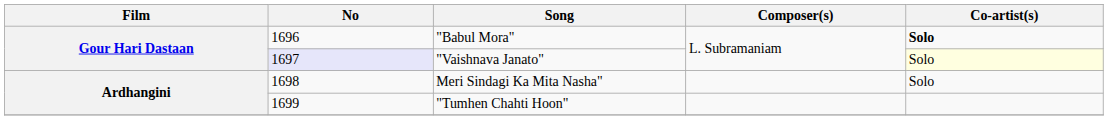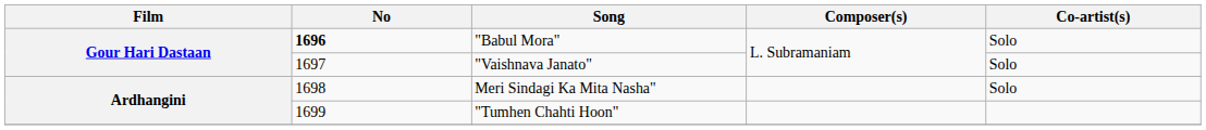 <table class="wikitable plainrowheaders" style="width:100%; textcolor:#000">
 <tr>
 <th scope="col" style="width:24%;">Film</th>
 <th>No</th>
 <th scope="col" style="width:23%;">Song</th>
 <th scope="col" style="width:20%;">Composer(s)</th>
 <th scope="col" style="width:18%;">Co-artist(s)</th>
 </tr>
 <tr>
 <th rowspan=2><a href='#'>Gour Hari Dastaan</a></th>
-<td>1696</td>
+<td><strong>1696</strong></td>
 <td>"Babul Mora"</td>
 <td rowspan=2>L. Subramaniam</td>
-<td><strong>Solo</strong></td>
+<td>Solo</td>
 </tr>
 <tr>
-<td style="background: lavender;">1697</td>
+<td>1697</td>
 <td>"Vaishnava Janato"</td>
-<td style="background: lightyellow;">Solo</td>
+<td>Solo</td>
 </tr>
 <tr>
 <th rowspan=2>Ardhangini</th>
 <td>1698</td>
 <td>Meri Sindagi Ka Mita Nasha"</td>
 <td></td>
 <td>Solo</td>
 </tr>
 <tr>
 <td>1699</td>
 <td>"Tumhen Chahti Hoon"</td>
 <td></td>
 <td></td>
 </tr>
 <tr>
 </tr>
 </table>
